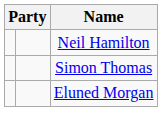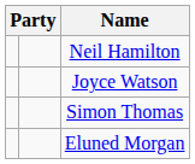 <table class="wikitable" style="text-align:center">
 <tr>
 <th colspan="2">Party</th>
 <th>Name</th>
 </tr>
 <tr>
 <td style="width: 4px"></td>
 <td style="text-align: left;" scope="row"><a href='#'></a></td>
 <td><a href='#'>Neil Hamilton</a></td>
 </tr>
 <tr>
 <td style="width: 4px"></td>
 <td style="text-align: left;" scope="row"><a href='#'></a></td>
+<td><a href='#'>Joyce Watson</a></td>
+</tr>
+<tr>
+<td style="width: 4px"></td>
+<td style="text-align: left;" scope="row"><a href='#'></a></td>
 <td><a href='#'>Simon Thomas</a></td>
 </tr>
 <tr>
 <td style="width: 4px"></td>
 <td style="text-align: left;" scope="row"><a href='#'></a></td>
 <td><a href='#'>Eluned Morgan</a></td>
 </tr>
 </table>
